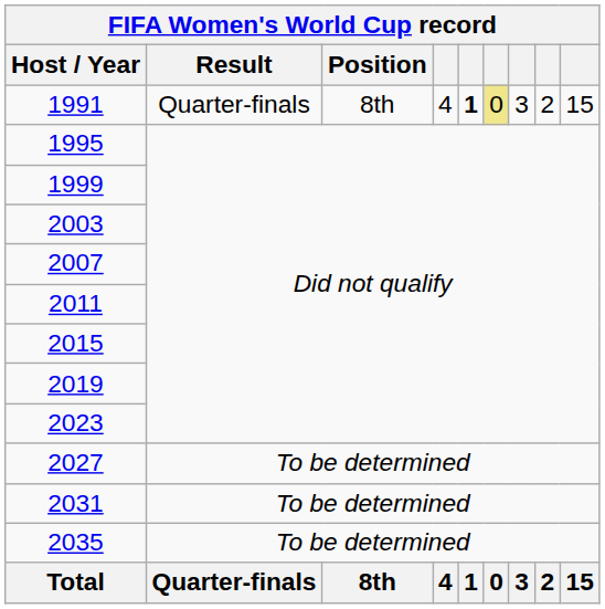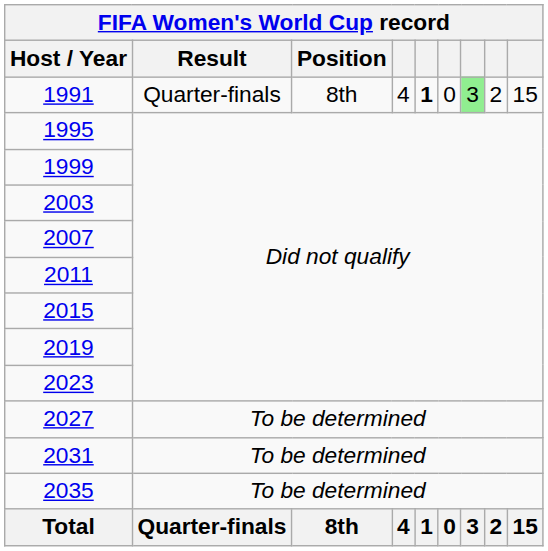 <table class="wikitable" style="text-align: center;">
 <tr>
 <th colspan=9><a href='#'>FIFA Women's World Cup</a> record</th>
 </tr>
 <tr>
 <th>Host / Year</th>
 <th>Result</th>
 <th>Position</th>
 <th></th>
 <th></th>
 <th></th>
 <th></th>
 <th></th>
 <th></th>
 </tr>
 <tr>
 <td> <a href='#'>1991</a></td>
 <td>Quarter-finals</td>
 <td>8th</td>
 <td>4</td>
 <td><strong>1</strong></td>
-<td style="background: khaki;">0</td>
-<td>3</td>
+<td>0</td>
+<td style="background: lightgreen;">3</td>
 <td>2</td>
 <td>15</td>
 </tr>
 <tr>
 <td> <a href='#'>1995</a></td>
 <td colspan=8 rowspan=8><em>Did not qualify</em></td>
 </tr>
 <tr>
 <td> <a href='#'>1999</a></td>
 </tr>
 <tr>
 <td> <a href='#'>2003</a></td>
 </tr>
 <tr>
 <td> <a href='#'>2007</a></td>
 </tr>
 <tr>
 <td> <a href='#'>2011</a></td>
 </tr>
 <tr>
 <td> <a href='#'>2015</a></td>
 </tr>
 <tr>
 <td> <a href='#'>2019</a></td>
 </tr>
 <tr>
 <td> <a href='#'>2023</a></td>
 </tr>
 <tr>
 <td> <a href='#'>2027</a></td>
 <td colspan=8><em>To be determined</em></td>
 </tr>
 <tr>
 <td> <a href='#'>2031</a></td>
 <td colspan=8><em>To be determined</em></td>
 </tr>
 <tr>
 <td> <a href='#'>2035</a></td>
 <td colspan=8><em>To be determined</em></td>
 </tr>
 <tr>
 <th><strong>Total</strong></th>
 <th><strong>Quarter-finals</strong></th>
 <th><strong>8th</strong></th>
 <th><strong>4</strong></th>
 <th><strong>1</strong></th>
 <th><strong>0</strong></th>
 <th><strong>3</strong></th>
 <th><strong>2</strong></th>
 <th><strong>15</strong></th>
 </tr>
 </table>
